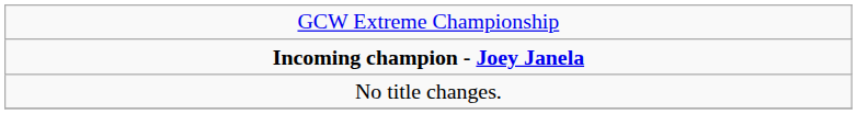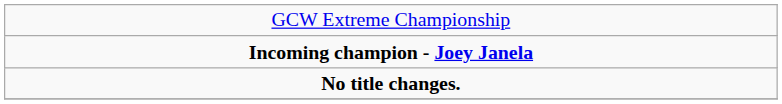 <table class="wikitable" style="text-align:center; width:100%;">
 <tr>
 <td colspan="5" style="text-align: center;"><a href='#'>GCW Extreme Championship</a></td>
 </tr>
 <tr>
 <td colspan="5" style="text-align: center;"><strong>Incoming champion - <a href='#'>Joey Janela</a></strong></td>
 </tr>
 <tr>
-<td>No title changes.</td>
+<td><strong>No title changes.</strong></td>
 </tr>
 <tr>
 </tr>
 </table>
